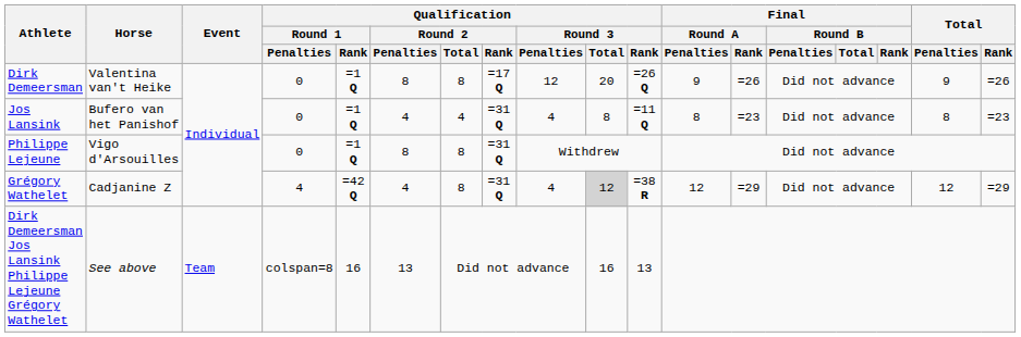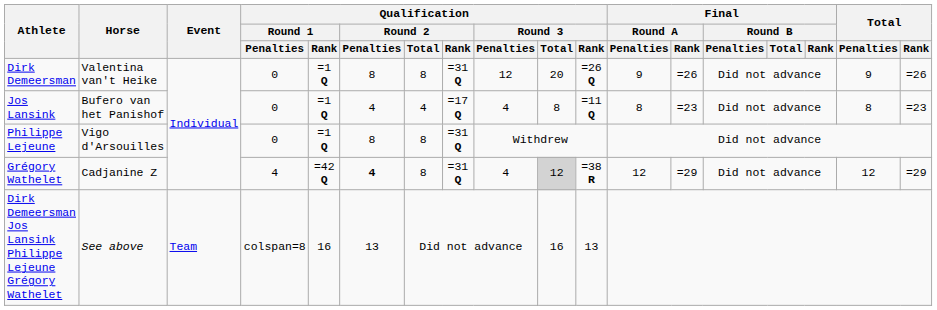 <table class="wikitable" style="font-size:90%">
 <tr>
 <th rowspan="3">Athlete</th>
 <th rowspan="3">Horse</th>
 <th rowspan="3">Event</th>
 <th colspan="8">Qualification</th>
 <th colspan="5">Final</th>
 <th rowspan=2 colspan="2">Total</th>
 </tr>
 <tr style="font-size:95%">
 <th colspan="2">Round 1</th>
 <th colspan="3">Round 2</th>
 <th colspan="3">Round 3</th>
 <th colspan="2">Round A</th>
 <th colspan="3">Round B</th>
 </tr>
 <tr style="font-size:95%">
 <th>Penalties</th>
 <th>Rank</th>
 <th>Penalties</th>
 <th>Total</th>
 <th>Rank</th>
 <th>Penalties</th>
 <th>Total</th>
 <th>Rank</th>
 <th>Penalties</th>
 <th>Rank</th>
 <th>Penalties</th>
 <th>Total</th>
 <th>Rank</th>
 <th>Penalties</th>
 <th>Rank</th>
 </tr>
 <tr align=center>
 <td align=left><a href='#'>Dirk Demeersman</a></td>
 <td align=left>Valentina van't Heike <br></td>
 <td align=left rowspan=4><a href='#'>Individual</a></td>
 <td>0</td>
 <td>=1 <strong>Q</strong></td>
 <td>8</td>
 <td>8</td>
-<td>=17 <strong>Q</strong></td>
+<td>=31 <strong>Q</strong></td>
 <td>12</td>
 <td>20</td>
 <td>=26 <strong>Q</strong></td>
 <td>9</td>
 <td>=26</td>
 <td colspan=3>Did not advance</td>
 <td>9</td>
 <td>=26</td>
 </tr>
 <tr align=center>
 <td align=left><a href='#'>Jos Lansink</a></td>
 <td align=left>Bufero van het Panishof <br></td>
 <td>0</td>
 <td>=1 <strong>Q</strong></td>
 <td>4</td>
 <td>4</td>
-<td>=31 <strong>Q</strong></td>
+<td>=17 <strong>Q</strong></td>
 <td>4</td>
 <td>8</td>
 <td>=11 <strong>Q</strong></td>
 <td>8</td>
 <td>=23</td>
 <td colspan=3>Did not advance</td>
 <td>8</td>
 <td>=23</td>
 </tr>
 <tr align=center>
 <td align=left><a href='#'>Philippe Lejeune</a></td>
 <td align=left>Vigo d'Arsouilles <br></td>
 <td>0</td>
 <td>=1 <strong>Q</strong></td>
 <td>8</td>
 <td>8</td>
 <td>=31 <strong>Q</strong></td>
 <td colspan=3>Withdrew</td>
 <td colspan=7>Did not advance</td>
 </tr>
 <tr align=center>
 <td align=left><a href='#'>Grégory Wathelet</a></td>
 <td align=left>Cadjanine Z <br></td>
 <td>4</td>
 <td>=42 <strong>Q</strong></td>
-<td>4</td>
+<td><strong>4</strong></td>
 <td>8</td>
 <td>=31 <strong>Q</strong></td>
 <td>4</td>
 <td style="background: lightgrey;">12</td>
 <td>=38 <strong>R</strong></td>
 <td>12</td>
 <td>=29</td>
 <td colspan=3>Did not advance</td>
 <td>12</td>
 <td>=29</td>
 </tr>
 <tr align=center>
 <td align=left><a href='#'>Dirk Demeersman</a><br><a href='#'>Jos Lansink</a><br><a href='#'>Philippe Lejeune</a><br><a href='#'>Grégory Wathelet</a></td>
 <td align=left><em>See above</em></td>
 <td align=left><a href='#'>Team</a></td>
 <td>colspan=8 </td>
 <td>16</td>
 <td>13</td>
 <td colspan=3>Did not advance</td>
 <td>16</td>
 <td>13</td>
 </tr>
 </table>
